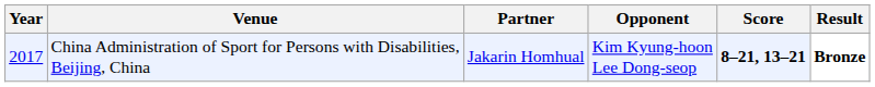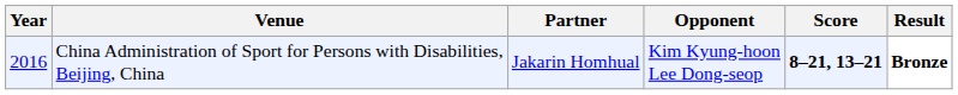 <table class="sortable wikitable" style="font-size: 90%;">
 <tr>
 <th>Year</th>
 <th>Venue</th>
 <th>Partner</th>
 <th>Opponent</th>
 <th>Score</th>
 <th>Result</th>
 </tr>
 <tr style="background:#ECF2FF">
-<td align="center"><a href='#'>2017</a></td>
+<td align="center"><a href='#'>2016</a></td>
 <td align="left">China Administration of Sport for Persons with Disabilities,<br><a href='#'>Beijing</a>, China</td>
 <td align="left"> <a href='#'>Jakarin Homhual</a></td>
 <td align="left"> <a href='#'>Kim Kyung-hoon</a><br> <a href='#'>Lee Dong-seop</a></td>
 <td align="left"><strong>8–21, 13–21</strong></td>
 <td style="text-align:left; background:white"> <strong>Bronze</strong></td>
 </tr>
 </table>
